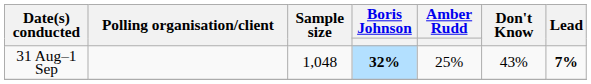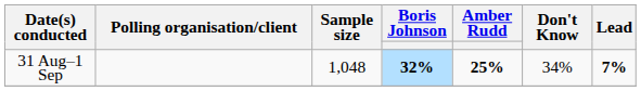 <table class="wikitable collapsible sortable" style="text-align:center;font-size:100%;line-height:14px">
 <tr valign= center>
 <th style="width:80px;" rowspan="2">Date(s)<br>conducted</th>
 <th style="width:200px;" rowspan="2">Polling organisation/client</th>
 <th style="width:60px;" rowspan="2">Sample size</th>
 <th style="width:60px;" class="unsortable"><a href='#'>Boris <br> Johnson</a></th>
 <th style="width:60px;" class="unsortable"><a href='#'>Amber <br> Rudd</a></th>
 <th style="width:60px;" rowspan="2" class="unsortable">Don't <br> Know</th>
 <th class="unsortable" style="width:20px;" rowspan="2">Lead</th>
 </tr>
 <tr>
 <th class="unsortable" style="color:inherit;background:"></th>
 <th class="unsortable" style="color:inherit;background:"></th>
 </tr>
 <tr>
 <td rowspan=1>31 Aug–1 Sep</td>
 <td rowspan=1></td>
 <td rowspan=1>1,048</td>
 <td style="background:#B3E0FF"><strong>32%</strong></td>
-<td>25%</td>
-<td>43%</td>
+<td><strong>25%</strong></td>
+<td>34%</td>
 <td style="background:"><strong>7%</strong></td>
 </tr>
 <tr>
 </tr>
 </table>
